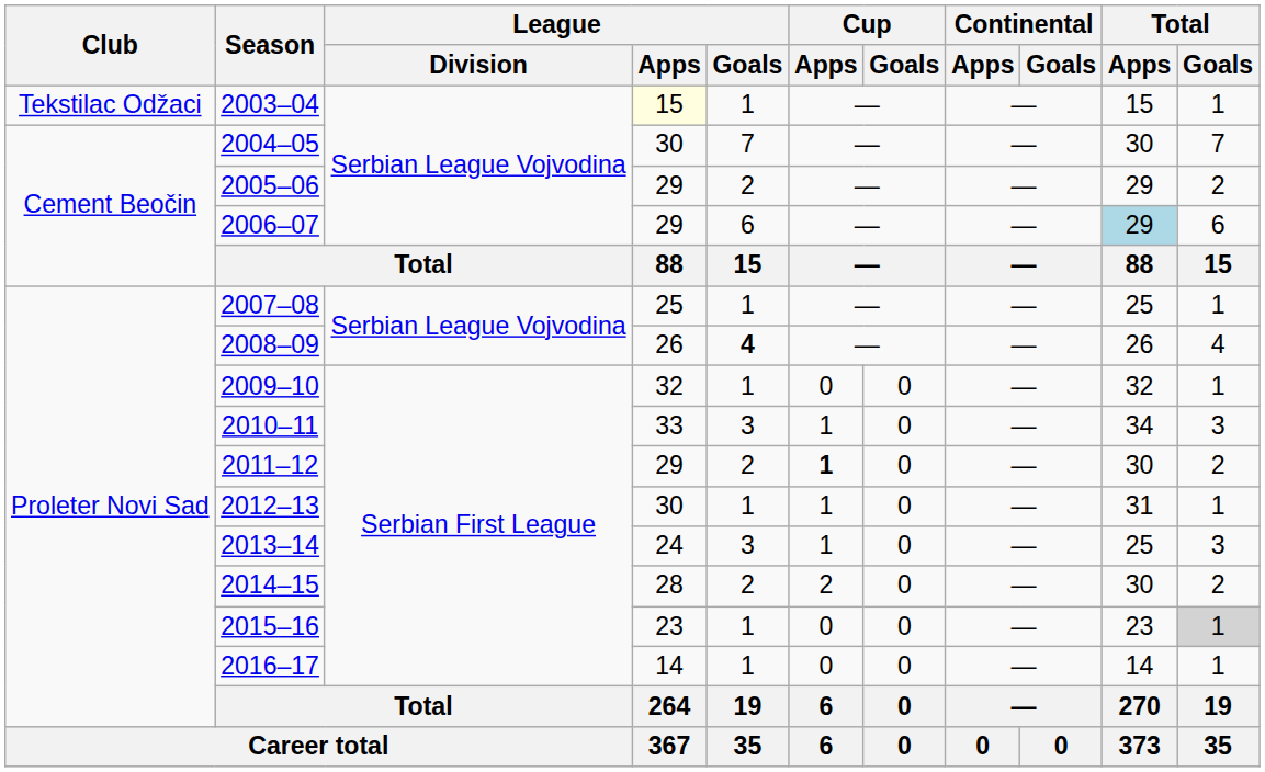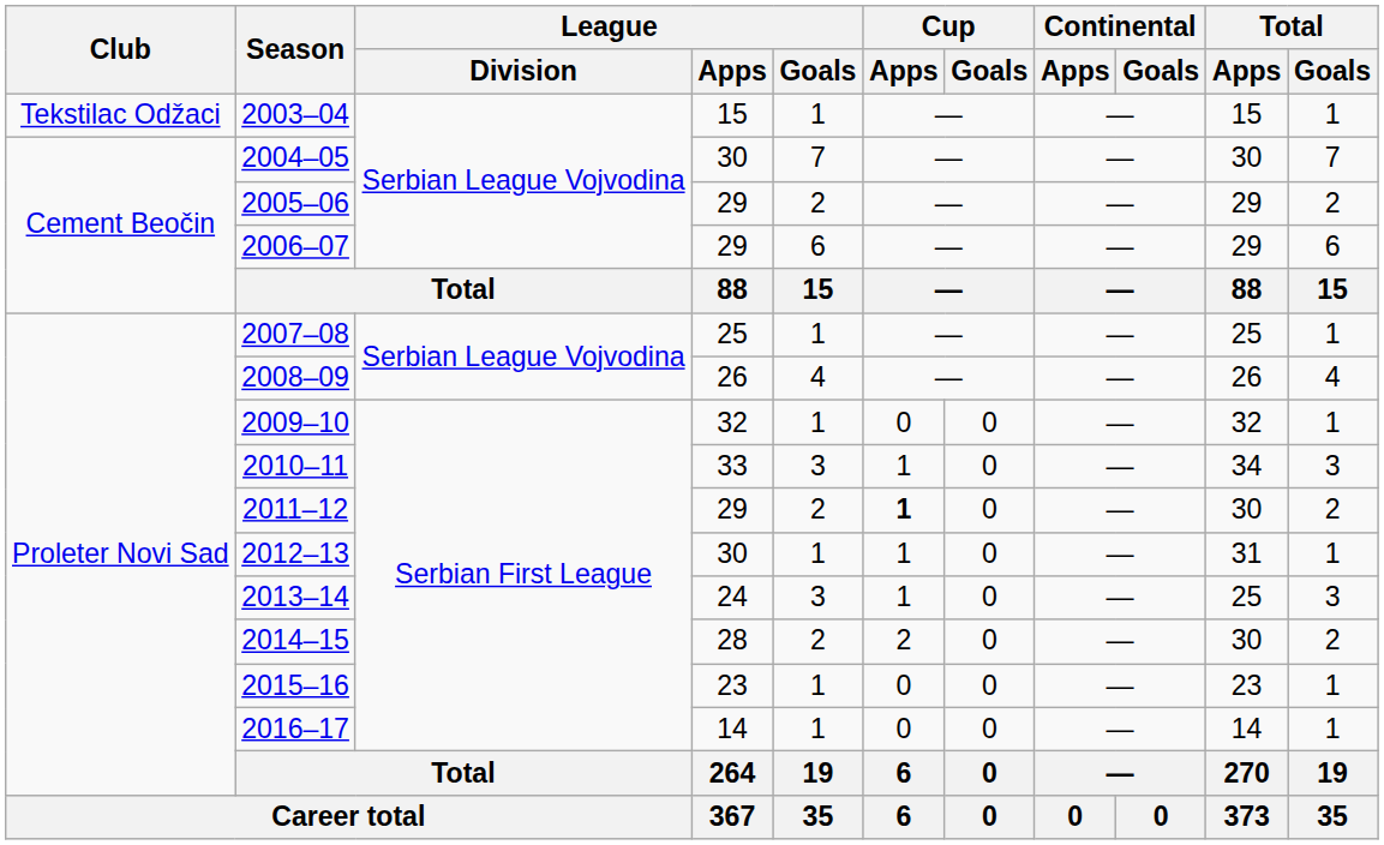 <table class="wikitable" style="text-align:center">
 <tr>
 <th rowspan="2">Club</th>
 <th rowspan="2">Season</th>
 <th colspan="3">League</th>
 <th colspan="2">Cup</th>
 <th colspan="2">Continental</th>
 <th colspan="2">Total</th>
 </tr>
 <tr>
 <th>Division</th>
 <th>Apps</th>
 <th>Goals</th>
 <th>Apps</th>
 <th>Goals</th>
 <th>Apps</th>
 <th>Goals</th>
 <th>Apps</th>
 <th>Goals</th>
 </tr>
 <tr>
 <td><a href='#'>Tekstilac Odžaci</a></td>
 <td><a href='#'>2003–04</a></td>
 <td rowspan=4><a href='#'>Serbian League Vojvodina</a></td>
-<td style="background: lightyellow;">15</td>
+<td>15</td>
 <td>1</td>
 <td colspan="2">—</td>
 <td colspan="2">—</td>
 <td>15</td>
 <td>1</td>
 </tr>
 <tr>
 <td rowspan="4"><a href='#'>Cement Beočin</a></td>
 <td><a href='#'>2004–05</a></td>
 <td>30</td>
 <td>7</td>
 <td colspan="2">—</td>
 <td colspan="2">—</td>
 <td>30</td>
 <td>7</td>
 </tr>
 <tr>
 <td><a href='#'>2005–06</a></td>
 <td>29</td>
 <td>2</td>
 <td colspan="2">—</td>
 <td colspan="2">—</td>
 <td>29</td>
 <td>2</td>
 </tr>
 <tr>
 <td><a href='#'>2006–07</a></td>
 <td>29</td>
 <td>6</td>
 <td colspan="2">—</td>
 <td colspan="2">—</td>
-<td style="background: lightblue;">29</td>
+<td>29</td>
 <td>6</td>
 </tr>
 <tr>
 <th colspan="2">Total</th>
 <th>88</th>
 <th>15</th>
 <th colspan="2">—</th>
 <th colspan="2">—</th>
 <th>88</th>
 <th>15</th>
 </tr>
 <tr>
 <td rowspan="11"><a href='#'>Proleter Novi Sad</a></td>
 <td><a href='#'>2007–08</a></td>
 <td rowspan=2><a href='#'>Serbian League Vojvodina</a></td>
 <td>25</td>
 <td>1</td>
 <td colspan="2">—</td>
 <td colspan="2">—</td>
 <td>25</td>
 <td>1</td>
 </tr>
 <tr>
 <td><a href='#'>2008–09</a></td>
 <td>26</td>
-<td><strong>4</strong></td>
+<td>4</td>
 <td colspan="2">—</td>
 <td colspan="2">—</td>
 <td>26</td>
 <td>4</td>
 </tr>
 <tr>
 <td><a href='#'>2009–10</a></td>
 <td rowspan=8><a href='#'>Serbian First League</a></td>
 <td>32</td>
 <td>1</td>
 <td>0</td>
 <td>0</td>
 <td colspan="2">—</td>
 <td>32</td>
 <td>1</td>
 </tr>
 <tr>
 <td><a href='#'>2010–11</a></td>
 <td>33</td>
 <td>3</td>
 <td>1</td>
 <td>0</td>
 <td colspan="2">—</td>
 <td>34</td>
 <td>3</td>
 </tr>
 <tr>
 <td><a href='#'>2011–12</a></td>
 <td>29</td>
 <td>2</td>
 <td><strong>1</strong></td>
 <td>0</td>
 <td colspan="2">—</td>
 <td>30</td>
 <td>2</td>
 </tr>
 <tr>
 <td><a href='#'>2012–13</a></td>
 <td>30</td>
 <td>1</td>
 <td>1</td>
 <td>0</td>
 <td colspan="2">—</td>
 <td>31</td>
 <td>1</td>
 </tr>
 <tr>
 <td><a href='#'>2013–14</a></td>
 <td>24</td>
 <td>3</td>
 <td>1</td>
 <td>0</td>
 <td colspan="2">—</td>
 <td>25</td>
 <td>3</td>
 </tr>
 <tr>
 <td><a href='#'>2014–15</a></td>
 <td>28</td>
 <td>2</td>
 <td>2</td>
 <td>0</td>
 <td colspan="2">—</td>
 <td>30</td>
 <td>2</td>
 </tr>
 <tr>
 <td><a href='#'>2015–16</a></td>
 <td>23</td>
 <td>1</td>
 <td>0</td>
 <td>0</td>
 <td colspan="2">—</td>
 <td>23</td>
-<td style="background: lightgrey;">1</td>
+<td>1</td>
 </tr>
 <tr>
 <td><a href='#'>2016–17</a></td>
 <td>14</td>
 <td>1</td>
 <td>0</td>
 <td>0</td>
 <td colspan="2">—</td>
 <td>14</td>
 <td>1</td>
 </tr>
 <tr>
 <th colspan="2">Total</th>
 <th>264</th>
 <th>19</th>
 <th>6</th>
 <th>0</th>
 <th colspan="2">—</th>
 <th>270</th>
 <th>19</th>
 </tr>
 <tr>
 <th colspan="3">Career total</th>
 <th>367</th>
 <th>35</th>
 <th>6</th>
 <th>0</th>
 <th>0</th>
 <th>0</th>
 <th>373</th>
 <th>35</th>
 </tr>
 </table>
